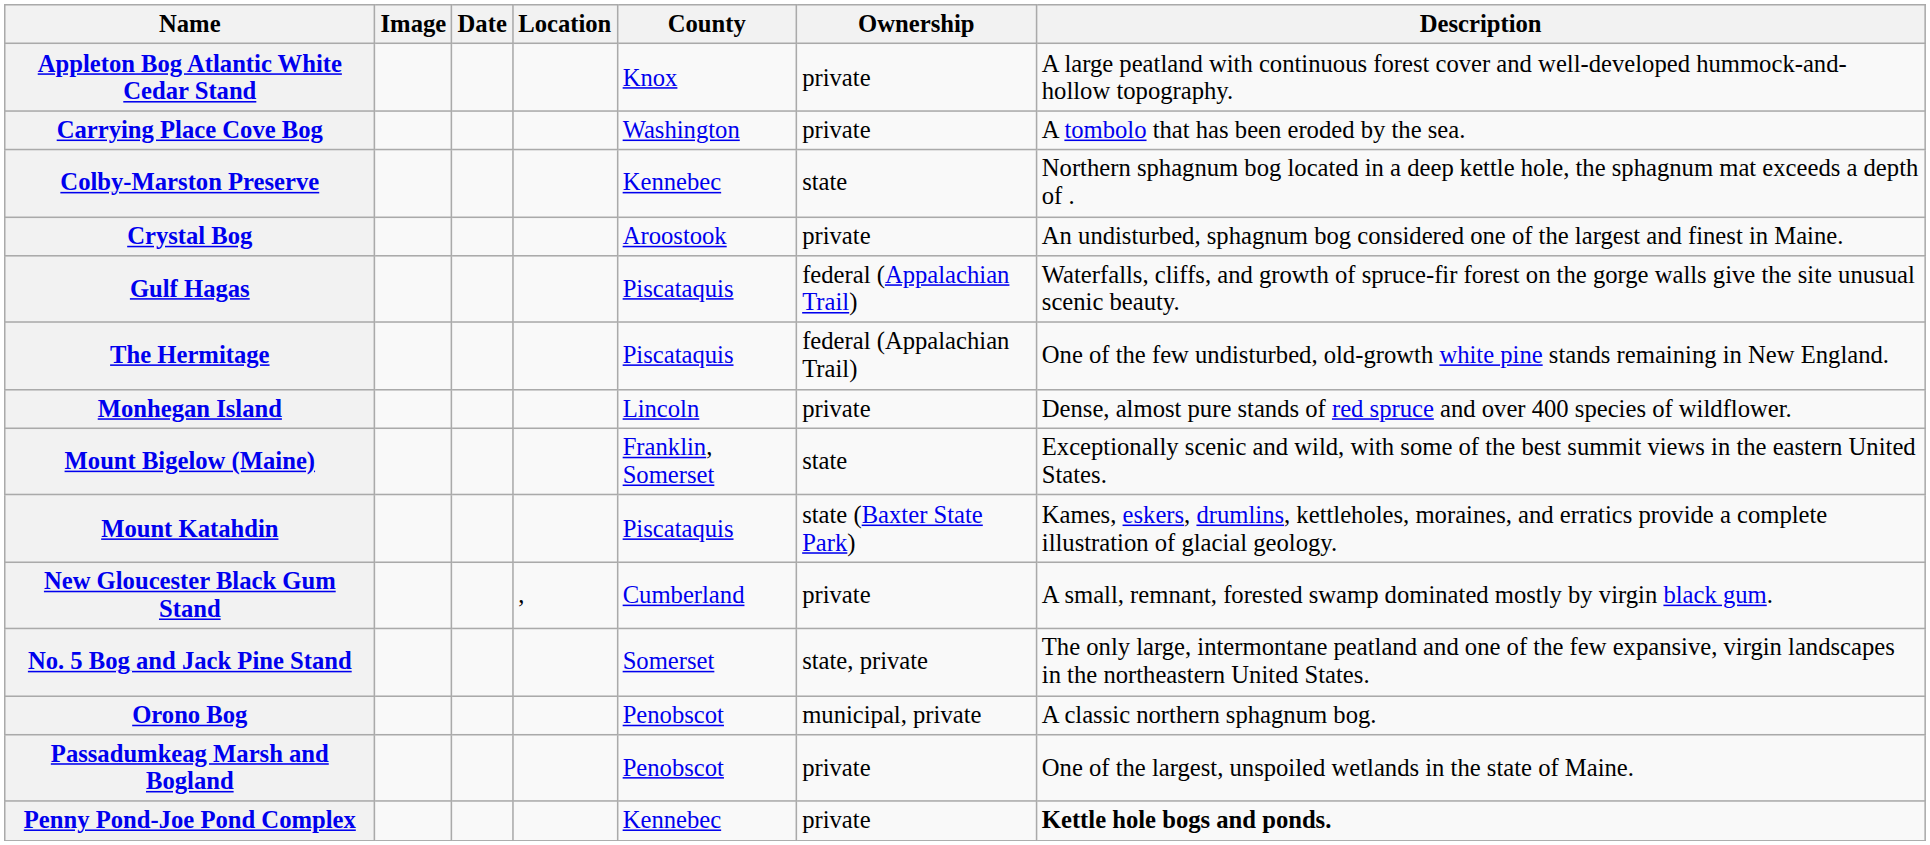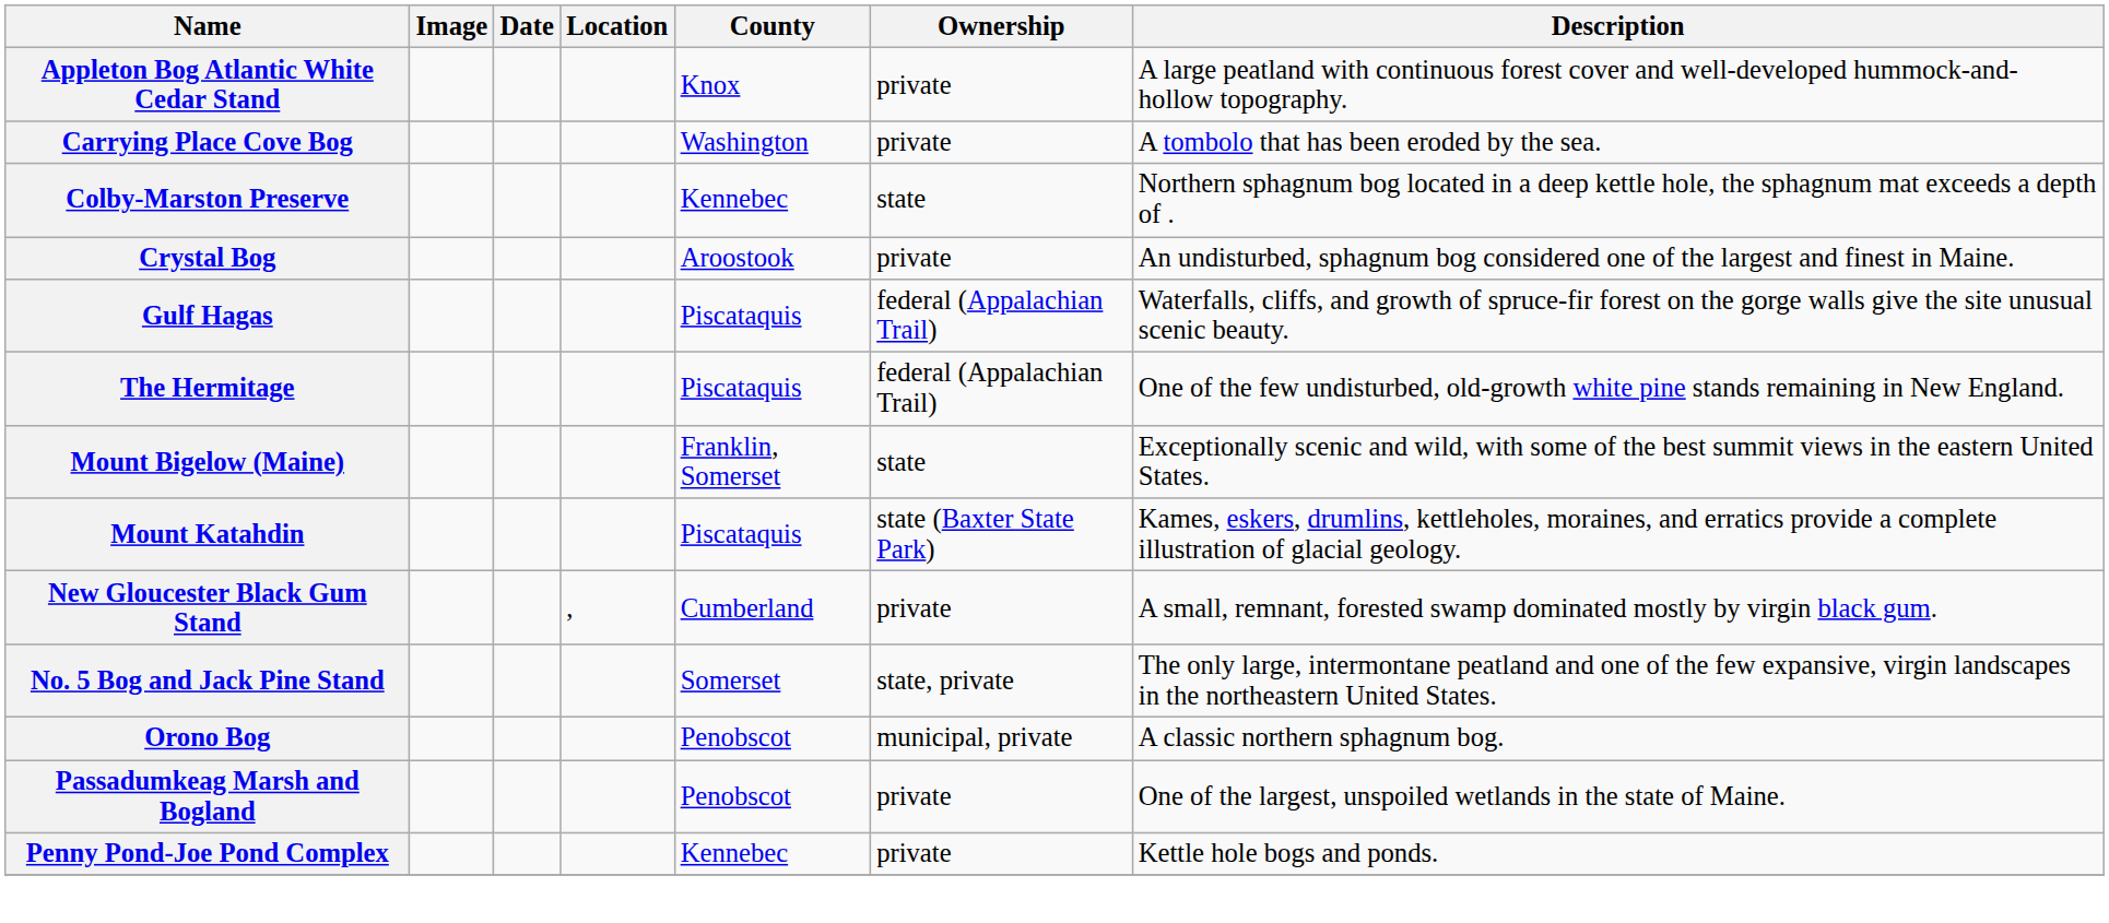 <table class="wikitable sortable" align="center">
 <tr>
 <th style="background-color:">Name</th>
 <th style="background-color:">Image</th>
 <th style="background-color:">Date</th>
 <th style="background-color:">Location</th>
 <th style="background-color:">County</th>
 <th style="background-color:">Ownership</th>
 <th style="background-color:">Description</th>
 </tr>
 <tr>
 <th><a href='#'>Appleton Bog Atlantic White Cedar Stand</a></th>
 <td></td>
 <td></td>
 <td></td>
 <td><a href='#'>Knox</a></td>
 <td>private</td>
 <td>A large peatland with continuous forest cover and well-developed hummock-and- hollow topography.</td>
 </tr>
 <tr>
 <th><a href='#'>Carrying Place Cove Bog</a></th>
 <td></td>
 <td></td>
 <td></td>
 <td><a href='#'>Washington</a></td>
 <td>private</td>
 <td>A <a href='#'>tombolo</a> that has been eroded by the sea.</td>
 </tr>
 <tr>
 <th><a href='#'>Colby-Marston Preserve</a></th>
 <td></td>
 <td></td>
 <td></td>
 <td><a href='#'>Kennebec</a></td>
 <td>state</td>
 <td>Northern sphagnum bog located in a deep kettle hole, the sphagnum mat exceeds a depth of .</td>
 </tr>
 <tr>
 <th><a href='#'>Crystal Bog</a></th>
 <td></td>
 <td></td>
 <td></td>
 <td><a href='#'>Aroostook</a></td>
 <td>private</td>
 <td>An undisturbed, sphagnum bog considered one of the largest and finest in Maine.</td>
 </tr>
 <tr>
 <th><a href='#'>Gulf Hagas</a></th>
 <td></td>
 <td></td>
 <td></td>
 <td><a href='#'>Piscataquis</a></td>
 <td>federal (<a href='#'>Appalachian Trail</a>)</td>
 <td>Waterfalls, cliffs, and growth of spruce-fir forest on the gorge walls give the site unusual scenic beauty.</td>
 </tr>
 <tr>
 <th><a href='#'>The Hermitage</a></th>
 <td></td>
 <td></td>
 <td></td>
 <td><a href='#'>Piscataquis</a></td>
 <td>federal (Appalachian Trail)</td>
 <td>One of the few undisturbed, old-growth <a href='#'>white pine</a> stands remaining in New England.</td>
 </tr>
 <tr>
-<th><a href='#'>Monhegan Island</a></th>
-<td></td>
-<td></td>
-<td></td>
-<td><a href='#'>Lincoln</a></td>
-<td>private</td>
-<td>Dense, almost pure stands of <a href='#'>red spruce</a> and over 400 species of wildflower.</td>
-</tr>
-<tr>
 <th><a href='#'>Mount Bigelow (Maine)</a></th>
 <td></td>
 <td></td>
 <td></td>
 <td><a href='#'>Franklin</a>, <a href='#'>Somerset</a></td>
 <td>state</td>
 <td>Exceptionally scenic and wild, with some of the best summit views in the eastern United States.</td>
 </tr>
 <tr>
 <th><a href='#'>Mount Katahdin</a></th>
 <td></td>
 <td></td>
 <td></td>
 <td><a href='#'>Piscataquis</a></td>
 <td>state (<a href='#'>Baxter State Park</a>)</td>
 <td>Kames, <a href='#'>eskers</a>, <a href='#'>drumlins</a>, kettleholes, moraines, and erratics provide a complete illustration of glacial geology.</td>
 </tr>
 <tr>
 <th><a href='#'>New Gloucester Black Gum Stand</a></th>
 <td></td>
 <td></td>
 <td>,</td>
 <td><a href='#'>Cumberland</a></td>
 <td>private</td>
 <td>A small, remnant, forested swamp dominated mostly by virgin <a href='#'>black gum</a>.</td>
 </tr>
 <tr>
 <th><a href='#'>No. 5 Bog and Jack Pine Stand</a></th>
 <td></td>
 <td></td>
 <td></td>
 <td><a href='#'>Somerset</a></td>
 <td>state, private</td>
 <td>The only large, intermontane peatland and one of the few expansive, virgin landscapes in the northeastern United States.</td>
 </tr>
 <tr>
 <th><a href='#'>Orono Bog</a></th>
 <td></td>
 <td></td>
 <td></td>
 <td><a href='#'>Penobscot</a></td>
 <td>municipal, private</td>
 <td>A classic northern sphagnum bog.</td>
 </tr>
 <tr>
 <th><a href='#'>Passadumkeag Marsh and Bogland</a></th>
 <td></td>
 <td></td>
 <td></td>
 <td><a href='#'>Penobscot</a></td>
 <td>private</td>
 <td>One of the largest, unspoiled wetlands in the state of Maine.</td>
 </tr>
 <tr>
 <th><a href='#'>Penny Pond-Joe Pond Complex</a></th>
 <td></td>
 <td></td>
 <td></td>
 <td><a href='#'>Kennebec</a></td>
 <td>private</td>
-<td><strong>Kettle hole bogs and ponds.</strong></td>
+<td>Kettle hole bogs and ponds.</td>
 </tr>
 <tr>
 </tr>
 </table>
